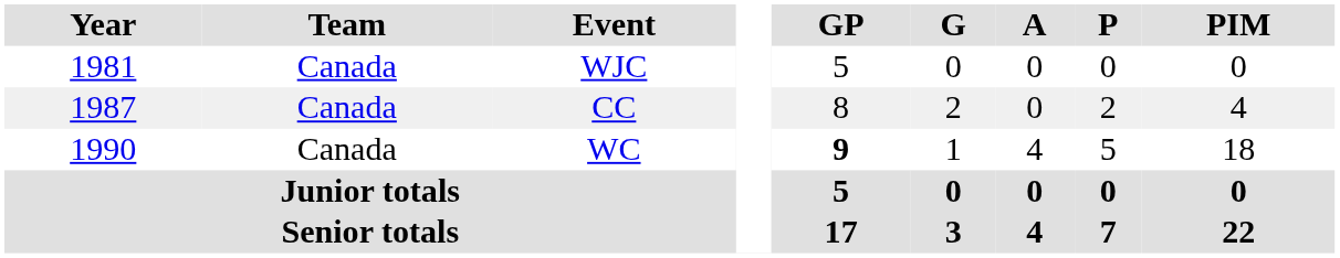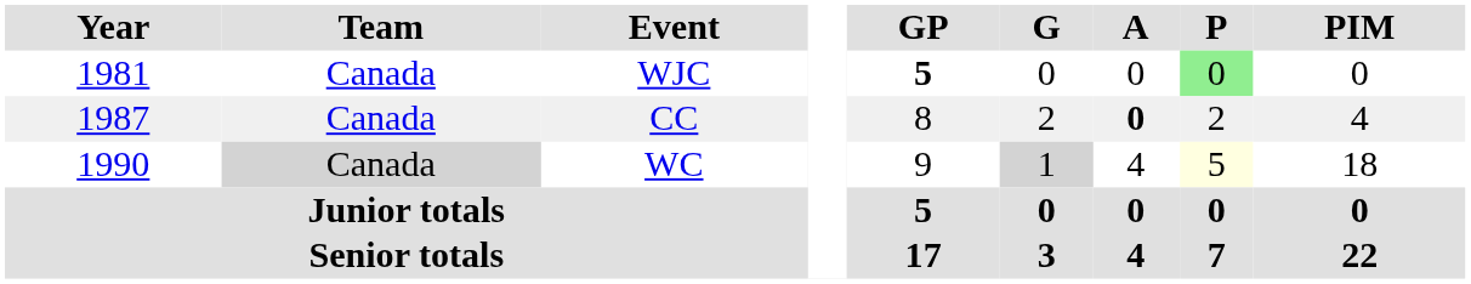 <table border="0" cellpadding="1" cellspacing="0" style="text-align:center; width:40em;">
 <tr style="text-align:center; background:#e0e0e0;">
 <th>Year</th>
 <th>Team</th>
 <th>Event</th>
 <th rowspan="99" style="text-align:center; background:#fff;"> </th>
 <th>GP</th>
 <th>G</th>
 <th>A</th>
 <th>P</th>
 <th>PIM</th>
 </tr>
 <tr>
 <td><a href='#'>1981</a></td>
 <td><a href='#'>Canada</a></td>
 <td><a href='#'>WJC</a></td>
-<td>5</td>
+<td><strong>5</strong></td>
 <td>0</td>
 <td>0</td>
-<td>0</td>
+<td style="background: lightgreen;">0</td>
 <td>0</td>
 </tr>
 <tr bgcolor="#f0f0f0">
 <td><a href='#'>1987</a></td>
 <td><a href='#'>Canada</a></td>
 <td><a href='#'>CC</a></td>
 <td>8</td>
 <td>2</td>
-<td>0</td>
+<td><strong>0</strong></td>
 <td>2</td>
 <td>4</td>
 </tr>
 <tr>
 <td><a href='#'>1990</a></td>
-<td>Canada</td>
+<td style="background: lightgrey;">Canada</td>
 <td><a href='#'>WC</a></td>
-<td><strong>9</strong></td>
-<td>1</td>
+<td>9</td>
+<td style="background: lightgrey;">1</td>
 <td>4</td>
-<td>5</td>
+<td style="background: lightyellow;">5</td>
 <td>18</td>
 </tr>
 <tr bgcolor="#e0e0e0">
 <th colspan=3>Junior totals</th>
 <th>5</th>
 <th>0</th>
 <th>0</th>
 <th>0</th>
 <th>0</th>
 </tr>
 <tr bgcolor="#e0e0e0">
 <th colspan=3>Senior totals</th>
 <th>17</th>
 <th>3</th>
 <th>4</th>
 <th>7</th>
 <th>22</th>
 </tr>
 </table>
